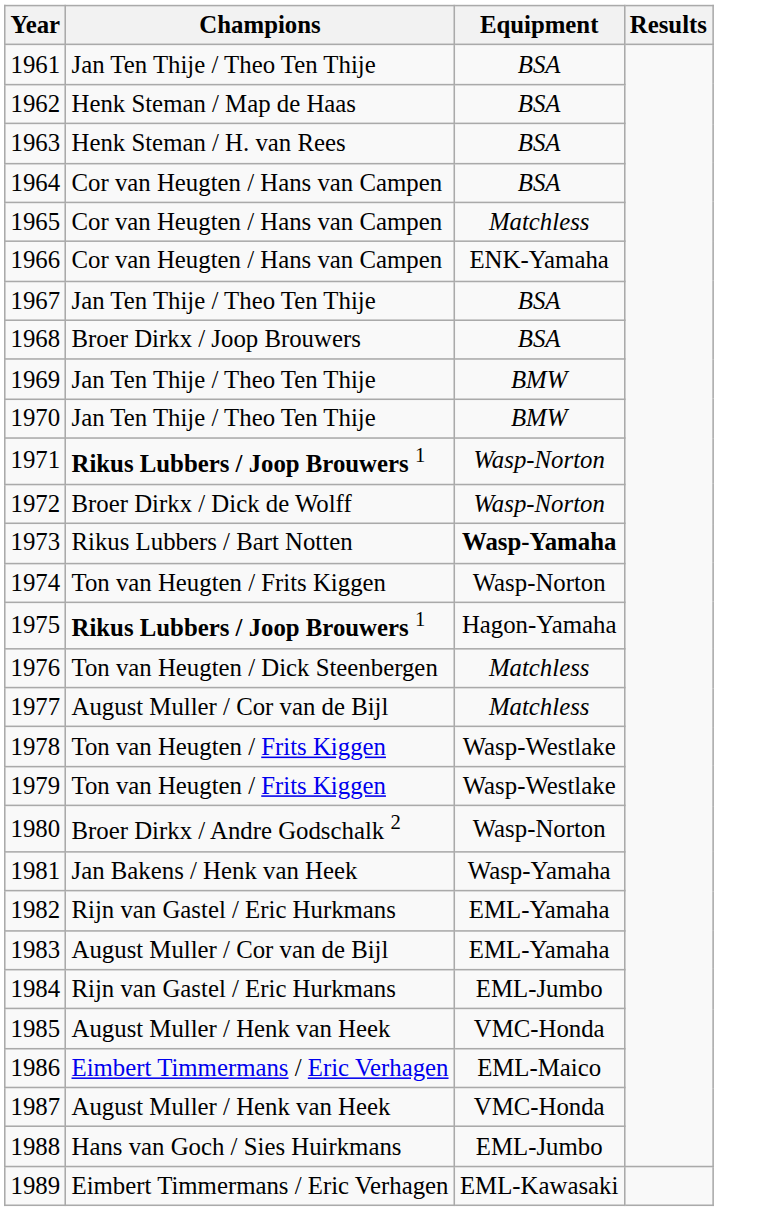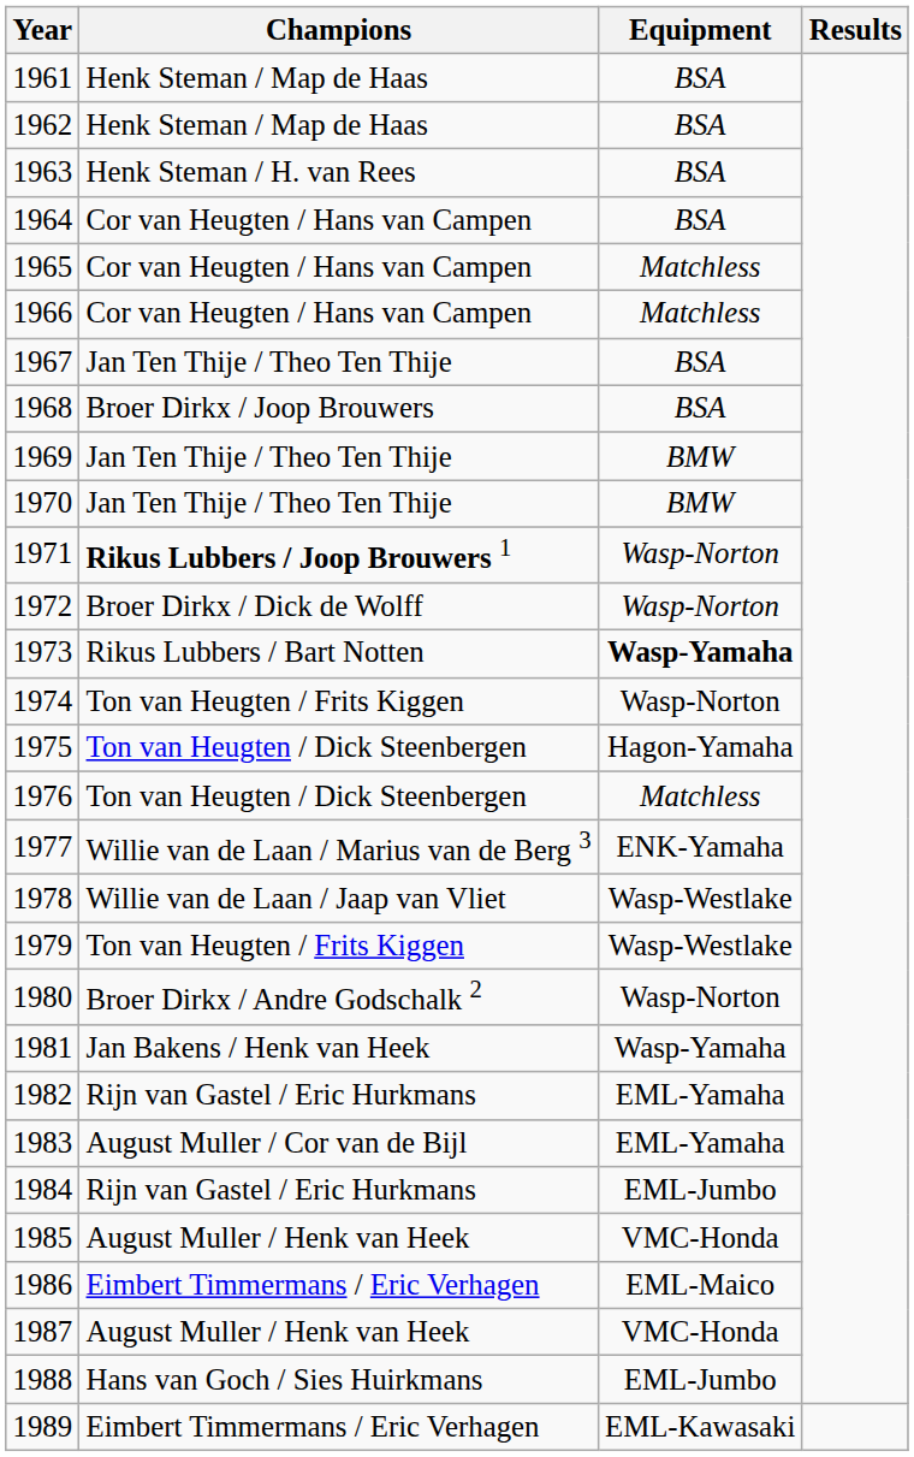 <table class="wikitable" style="display:inline-table;">
 <tr>
 <th>Year</th>
 <th>Champions</th>
 <th>Equipment</th>
 <th>Results</th>
 </tr>
 <tr align="center">
 <td>1961</td>
-<td align="left">Jan Ten Thije / Theo Ten Thije</td>
+<td align="left">Henk Steman / Map de Haas</td>
 <td><em>BSA</em></td>
 <td rowspan=28></td>
 </tr>
 <tr align="center">
 <td>1962</td>
 <td align="left">Henk Steman / Map de Haas</td>
 <td><em>BSA</em></td>
 </tr>
 <tr align="center">
 <td>1963</td>
 <td align="left">Henk Steman / H. van Rees</td>
 <td><em>BSA</em></td>
 </tr>
 <tr align="center">
 <td>1964</td>
 <td align="left">Cor van Heugten / Hans van Campen</td>
 <td><em>BSA</em></td>
 </tr>
 <tr align="center">
 <td>1965</td>
 <td align="left">Cor van Heugten / Hans van Campen</td>
 <td><em>Matchless</em></td>
 </tr>
 <tr align="center">
 <td>1966</td>
 <td align="left">Cor van Heugten / Hans van Campen</td>
-<td></em>ENK-Yamaha<em></td>
+<td><em>Matchless</em></td>
 </tr>
 <tr align="center">
 <td>1967</td>
 <td align="left">Jan Ten Thije / Theo Ten Thije</td>
 <td><em>BSA</em></td>
 </tr>
 <tr align="center">
 <td>1968</td>
 <td align="left">Broer Dirkx / Joop Brouwers</td>
 <td><em>BSA</em></td>
 </tr>
 <tr align="center">
 <td>1969</td>
 <td align="left">Jan Ten Thije / Theo Ten Thije</td>
 <td><em>BMW</em></td>
 </tr>
 <tr align="center">
 <td>1970</td>
 <td align="left">Jan Ten Thije / Theo Ten Thije</td>
 <td><em>BMW</em></td>
 </tr>
 <tr align="center">
 <td>1971</td>
 <td align="left"><strong>Rikus Lubbers / Joop Brouwers</strong> <sup>1</sup></td>
 <td><em>Wasp-Norton</em></td>
 </tr>
 <tr align="center">
 <td>1972</td>
 <td align="left">Broer Dirkx / Dick de Wolff</td>
 <td><em>Wasp-Norton</em></td>
 </tr>
 <tr align="center">
 <td>1973</td>
 <td align="left">Rikus Lubbers / Bart Notten</td>
 <td><strong>Wasp-Yamaha<em></td>
 </tr>
 <tr align="center">
 <td>1974</td>
 <td align="left">Ton van Heugten / Frits Kiggen</td>
 <td></em>Wasp-Norton<em></td>
 </tr>
 <tr align="center">
 <td>1975</td>
-<td align="left"><strong>Rikus Lubbers / Joop Brouwers</strong> <sup>1</sup></td>
+<td align="left"></strong><a href='#'>Ton van Heugten</a> / Dick Steenbergen<strong></td>
 <td></em>Hagon-Yamaha<em></td>
 </tr>
 <tr align="center">
 <td>1976</td>
 <td align="left">Ton van Heugten / Dick Steenbergen</td>
 <td><em>Matchless</em></td>
 </tr>
 <tr align="center">
 <td>1977</td>
-<td align="left">August Muller / Cor van de Bijl</td>
-<td><em>Matchless</em></td>
+<td align="left">Willie van de Laan / Marius van de Berg <sup>3</sup></td>
+<td></em>ENK-Yamaha<em></td>
 </tr>
 <tr align="center">
 <td>1978</td>
-<td align="left">Ton van Heugten / <a href='#'>Frits Kiggen</a></td>
+<td align="left">Willie van de Laan / Jaap van Vliet</td>
 <td></em>Wasp-Westlake<em></td>
 </tr>
 <tr align="center">
 <td>1979</td>
 <td align="left">Ton van Heugten / <a href='#'>Frits Kiggen</a></td>
 <td></em>Wasp-Westlake<em></td>
 </tr>
 <tr align="center">
 <td>1980</td>
 <td align="left">Broer Dirkx / Andre Godschalk <sup>2</sup></td>
 <td></em>Wasp-Norton<em></td>
 </tr>
 <tr align="center">
 <td>1981</td>
 <td align="left">Jan Bakens / Henk van Heek</td>
 <td></em>Wasp-Yamaha<em></td>
 </tr>
 <tr align="center">
 <td>1982</td>
 <td align="left">Rijn van Gastel / Eric Hurkmans</td>
 <td></em>EML-Yamaha<em></td>
 </tr>
 <tr align="center">
 <td>1983</td>
 <td align="left">August Muller / Cor van de Bijl</td>
 <td></em>EML-Yamaha<em></td>
 </tr>
 <tr align="center">
 <td>1984</td>
 <td align="left">Rijn van Gastel / Eric Hurkmans</td>
 <td></em>EML-Jumbo<em></td>
 </tr>
 <tr align="center">
 <td>1985</td>
 <td align="left">August Muller / Henk van Heek</td>
 <td></em>VMC-Honda<em></td>
 </tr>
 <tr align="center">
 <td>1986</td>
 <td align="left"><a href='#'>Eimbert Timmermans</a> / <a href='#'>Eric Verhagen</a></td>
 <td></em>EML-Maico<em></td>
 </tr>
 <tr align="center">
 <td>1987</td>
 <td align="left">August Muller / Henk van Heek</td>
 <td></em>VMC-Honda<em></td>
 </tr>
 <tr align="center">
 <td>1988</td>
 <td align="left">Hans van Goch / Sies Huirkmans</td>
 <td></em>EML-Jumbo<em></td>
 </tr>
 <tr>
 <td>1989</td>
 <td>Eimbert Timmermans / Eric Verhagen</td>
 <td></em>EML-Kawasaki<em></td>
 <td></td>
 </tr>
 </table>
